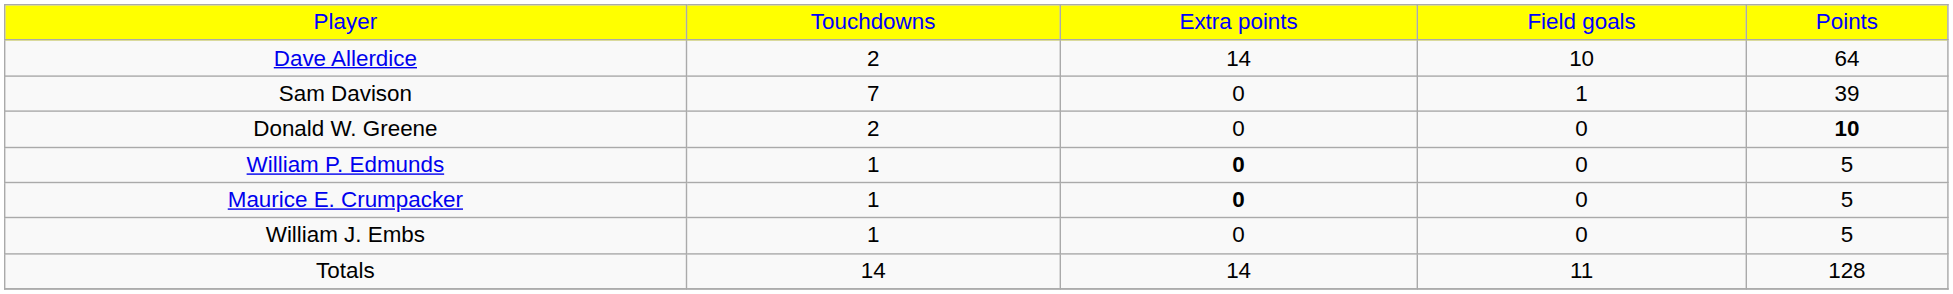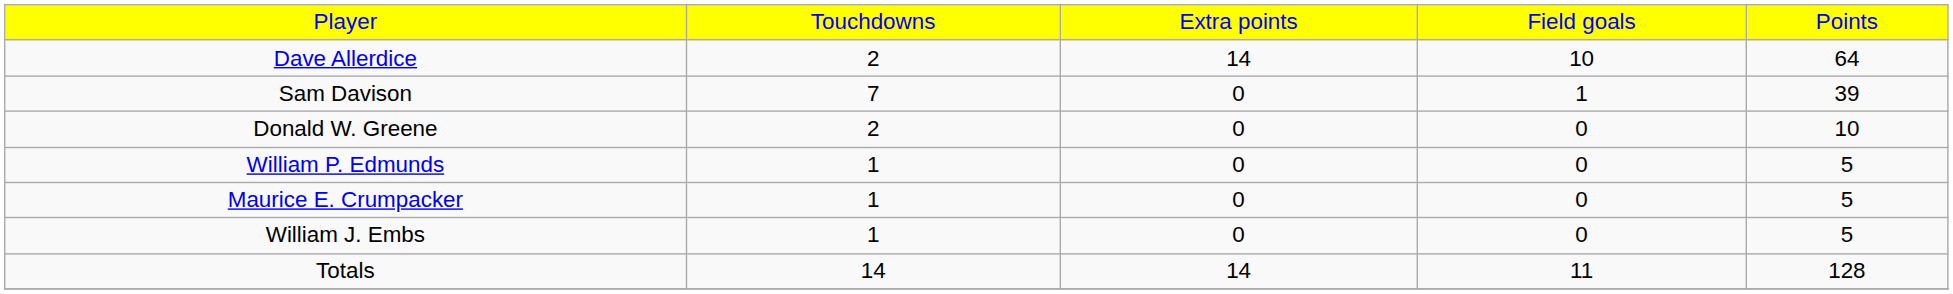 <table class="wikitable" width="70%">
 <tr align="center"  style="background:yellow;color:blue;">
 <td>Player</td>
 <td>Touchdowns</td>
 <td>Extra points</td>
 <td>Field goals</td>
 <td>Points</td>
 </tr>
 <tr align="center" bgcolor="">
 <td><a href='#'>Dave Allerdice</a></td>
 <td>2</td>
 <td>14</td>
 <td>10</td>
 <td>64</td>
 </tr>
 <tr align="center" bgcolor="">
 <td>Sam Davison</td>
 <td>7</td>
 <td>0</td>
 <td>1</td>
 <td>39</td>
 </tr>
 <tr align="center" bgcolor="">
 <td>Donald W. Greene</td>
 <td>2</td>
 <td>0</td>
 <td>0</td>
-<td><strong>10</strong></td>
+<td>10</td>
 </tr>
 <tr align="center" bgcolor="">
 <td><a href='#'>William P. Edmunds</a></td>
 <td>1</td>
-<td><strong>0</strong></td>
+<td>0</td>
 <td>0</td>
 <td>5</td>
 </tr>
 <tr align="center" bgcolor="">
 <td><a href='#'>Maurice E. Crumpacker</a></td>
 <td>1</td>
-<td><strong>0</strong></td>
+<td>0</td>
 <td>0</td>
 <td>5</td>
 </tr>
 <tr align="center" bgcolor="">
 <td>William J. Embs</td>
 <td>1</td>
 <td>0</td>
 <td>0</td>
 <td>5</td>
 </tr>
 <tr align="center" bgcolor="">
 <td>Totals</td>
 <td>14</td>
 <td>14</td>
 <td>11</td>
 <td>128</td>
 </tr>
 <tr align="center" bgcolor="">
 </tr>
 </table>
